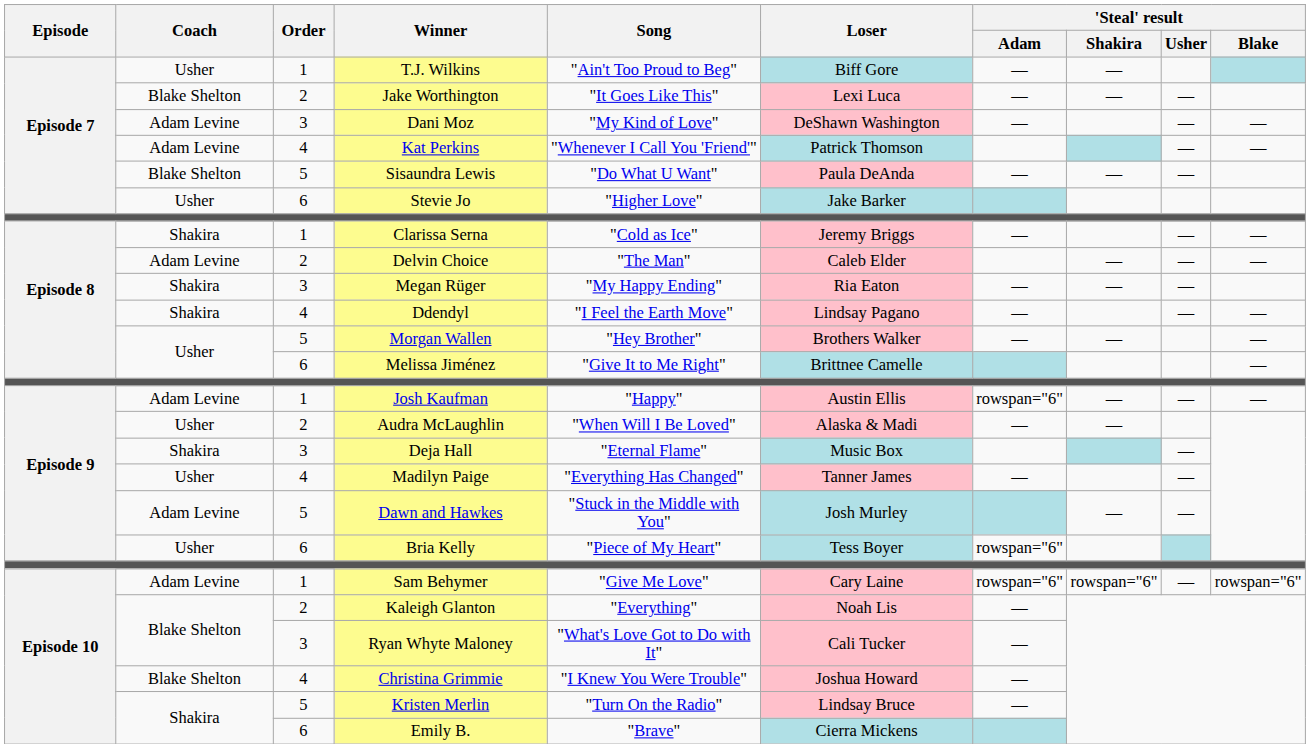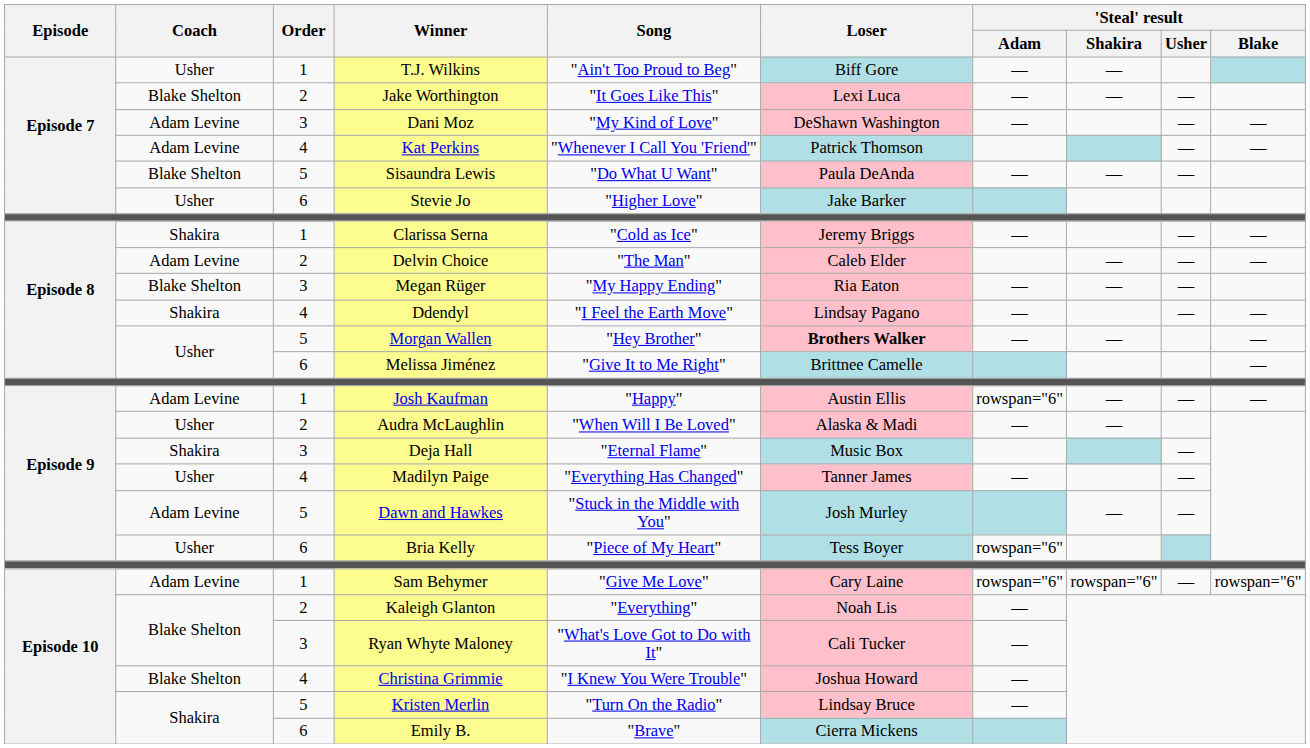 <table class="wikitable" style="text-align: center; width:100%;">
 <tr>
 <th rowspan="2" style="width:10%;">Episode</th>
 <th rowspan="2" style="width:15%;">Coach</th>
 <th rowspan="2" style="width:05%;">Order</th>
 <th rowspan="2" style="width:20%;">Winner</th>
 <th rowspan="2" style="width:20%;">Song</th>
 <th rowspan="2" style="width:20%;">Loser</th>
 <th colspan="4" style="width:20%;">'Steal' result</th>
 </tr>
 <tr>
 <th style="width:05%;">Adam</th>
 <th style="width:05%;">Shakira</th>
 <th style="width:05%;">Usher</th>
 <th style="width:05%;">Blake</th>
 </tr>
 <tr>
 <th rowspan="6">Episode 7<br><br><small></small></th>
 <td>Usher</td>
 <td>1</td>
 <td style="background:#fdfc8f;">T.J. Wilkins</td>
 <td>"<a href='#'>Ain't Too Proud to Beg</a>"</td>
 <td style="background:#B0E0E6;">Biff Gore</td>
 <td>—</td>
 <td>—</td>
 <td></td>
 <td style="background:#B0E0E6;"><strong></strong></td>
 </tr>
 <tr>
 <td>Blake Shelton</td>
 <td>2</td>
 <td style="background:#fdfc8f;">Jake Worthington</td>
 <td>"<a href='#'>It Goes Like This</a>"</td>
 <td style="background:pink;">Lexi Luca</td>
 <td>—</td>
 <td>—</td>
 <td>—</td>
 <td></td>
 </tr>
 <tr>
 <td>Adam Levine</td>
 <td>3</td>
 <td style="background:#fdfc8f;">Dani Moz</td>
 <td>"<a href='#'>My Kind of Love</a>"</td>
 <td style="background:pink;">DeShawn Washington</td>
 <td>—</td>
 <td></td>
 <td>—</td>
 <td>—</td>
 </tr>
 <tr>
 <td>Adam Levine</td>
 <td>4</td>
 <td style="background:#fdfc8f;"><a href='#'>Kat Perkins</a></td>
 <td>"<a href='#'>Whenever I Call You 'Friend'</a>"</td>
 <td style="background:#B0E0E6;">Patrick Thomson</td>
 <td></td>
 <td style="background:#B0E0E6;"><strong></strong></td>
 <td>—</td>
 <td>—</td>
 </tr>
 <tr>
 <td>Blake Shelton</td>
 <td>5</td>
 <td style="background:#fdfc8f;">Sisaundra Lewis</td>
 <td>"<a href='#'>Do What U Want</a>"</td>
 <td style="background:pink;">Paula DeAnda</td>
 <td>—</td>
 <td>—</td>
 <td>—</td>
 <td></td>
 </tr>
 <tr>
 <td>Usher</td>
 <td>6</td>
 <td style="background:#fdfc8f;">Stevie Jo</td>
 <td>"<a href='#'>Higher Love</a>"</td>
 <td style="background:#B0E0E6;">Jake Barker</td>
 <td style="background:#B0E0E6;"><strong></strong></td>
 <td><strong></strong></td>
 <td></td>
 <td><strong></strong></td>
 </tr>
 <tr>
 <td colspan="10" style="background:#555;"></td>
 </tr>
 <tr>
 <th rowspan="6">Episode 8<br><br><small></small></th>
 <td>Shakira</td>
 <td>1</td>
 <td style="background:#fdfc8f;">Clarissa Serna</td>
 <td>"<a href='#'>Cold as Ice</a>"</td>
 <td style="background:pink;">Jeremy Briggs</td>
 <td>—</td>
 <td></td>
 <td>—</td>
 <td>—</td>
 </tr>
 <tr>
 <td>Adam Levine</td>
 <td>2</td>
 <td style="background:#fdfc8f;">Delvin Choice</td>
 <td>"<a href='#'>The Man</a>"</td>
 <td style="background:pink;">Caleb Elder</td>
 <td></td>
 <td>—</td>
 <td>—</td>
 <td>—</td>
 </tr>
 <tr>
-<td>Shakira</td>
+<td>Blake Shelton</td>
 <td>3</td>
 <td style="background:#fdfc8f;">Megan Rüger</td>
 <td>"<a href='#'>My Happy Ending</a>"</td>
 <td style="background:pink;">Ria Eaton</td>
 <td>—</td>
 <td>—</td>
 <td>—</td>
 <td></td>
 </tr>
 <tr>
 <td>Shakira</td>
 <td>4</td>
 <td style="background:#fdfc8f;">Ddendyl</td>
 <td>"<a href='#'>I Feel the Earth Move</a>"</td>
 <td style="background:pink;">Lindsay Pagano</td>
 <td>—</td>
 <td></td>
 <td>—</td>
 <td>—</td>
 </tr>
 <tr>
 <td rowspan="2">Usher</td>
 <td>5</td>
 <td style="background:#fdfc8f;"><a href='#'>Morgan Wallen</a></td>
 <td>"<a href='#'>Hey Brother</a>"</td>
-<td style="background:pink;">Brothers Walker</td>
+<td style="background:pink;"><strong>Brothers Walker</strong></td>
 <td>—</td>
 <td>—</td>
 <td></td>
 <td>—</td>
 </tr>
 <tr>
 <td>6</td>
 <td style="background:#fdfc8f;">Melissa Jiménez</td>
 <td>"<a href='#'>Give It to Me Right</a>"</td>
 <td style="background:#B0E0E6;">Brittnee Camelle</td>
 <td style="background:#B0E0E6;"><strong></strong></td>
 <td><strong></strong></td>
 <td></td>
 <td>—</td>
 </tr>
 <tr>
 <td colspan="10" style="background:#555;"></td>
 </tr>
 <tr>
 <th rowspan="6">Episode 9<br><br><small></small></th>
 <td>Adam Levine</td>
 <td>1</td>
 <td style="background:#fdfc8f;"><a href='#'>Josh Kaufman</a></td>
 <td>"<a href='#'>Happy</a>"</td>
 <td style="background:pink;">Austin Ellis</td>
 <td>rowspan="6" </td>
 <td>—</td>
 <td>—</td>
 <td>—</td>
 </tr>
 <tr>
 <td>Usher</td>
 <td>2</td>
 <td style="background:#fdfc8f;">Audra McLaughlin</td>
 <td>"<a href='#'>When Will I Be Loved</a>"</td>
 <td style="background:pink;">Alaska & Madi</td>
 <td>—</td>
 <td>—</td>
 <td></td>
 </tr>
 <tr>
 <td>Shakira</td>
 <td>3</td>
 <td style="background:#fdfc8f;">Deja Hall</td>
 <td>"<a href='#'>Eternal Flame</a>"</td>
 <td style="background:#B0E0E6;">Music Box</td>
 <td></td>
 <td style="background:#B0E0E6;"><strong></strong></td>
 <td>—</td>
 </tr>
 <tr>
 <td>Usher</td>
 <td>4</td>
 <td style="background:#fdfc8f;">Madilyn Paige</td>
 <td>"<a href='#'>Everything Has Changed</a>"</td>
 <td style="background:pink;">Tanner James</td>
 <td>—</td>
 <td></td>
 <td>—</td>
 </tr>
 <tr>
 <td>Adam Levine</td>
 <td>5</td>
 <td style="background:#fdfc8f;"><a href='#'>Dawn and Hawkes</a></td>
 <td>"<a href='#'>Stuck in the Middle with You</a>"</td>
 <td style="background:#B0E0E6;">Josh Murley</td>
 <td style="background:#B0E0E6;"><strong></strong></td>
 <td>—</td>
 <td>—</td>
 </tr>
 <tr>
 <td>Usher</td>
 <td>6</td>
 <td style="background:#fdfc8f;">Bria Kelly</td>
 <td>"<a href='#'>Piece of My Heart</a>"</td>
 <td style="background:#B0E0E6;">Tess Boyer</td>
 <td>rowspan="6" </td>
 <td></td>
 <td style="background:#B0E0E6;"><strong></strong></td>
 </tr>
 <tr>
 <td colspan="10" style="background:#555;"></td>
 </tr>
 <tr>
 <th rowspan="6">Episode 10<br><br><small></small></th>
 <td>Adam Levine</td>
 <td>1</td>
 <td style="background:#fdfc8f;">Sam Behymer</td>
 <td>"<a href='#'>Give Me Love</a>"</td>
 <td style="background:pink;">Cary Laine</td>
 <td>rowspan="6" </td>
 <td>rowspan="6" </td>
 <td>—</td>
 <td>rowspan="6" </td>
 </tr>
 <tr>
 <td rowspan="2">Blake Shelton</td>
 <td>2</td>
 <td style="background:#fdfc8f;">Kaleigh Glanton</td>
 <td>"<a href='#'>Everything</a>"</td>
 <td style="background:pink;">Noah Lis</td>
 <td>—</td>
 </tr>
 <tr>
 <td>3</td>
 <td style="background:#fdfc8f;">Ryan Whyte Maloney</td>
 <td>"<a href='#'>What's Love Got to Do with It</a>"</td>
 <td style="background:pink;">Cali Tucker</td>
 <td>—</td>
 </tr>
 <tr>
 <td>Blake Shelton</td>
 <td>4</td>
 <td style="background:#fdfc8f;"><a href='#'>Christina Grimmie</a></td>
 <td>"<a href='#'>I Knew You Were Trouble</a>"</td>
 <td style="background:pink;">Joshua Howard</td>
 <td>—</td>
 </tr>
 <tr>
 <td rowspan="2">Shakira</td>
 <td>5</td>
 <td style="background:#fdfc8f;"><a href='#'>Kristen Merlin</a></td>
 <td>"<a href='#'>Turn On the Radio</a>"</td>
 <td style="background:pink;">Lindsay Bruce</td>
 <td>—</td>
 </tr>
 <tr>
 <td>6</td>
 <td style="background:#fdfc8f;">Emily B.</td>
 <td>"<a href='#'>Brave</a>"</td>
 <td style="background:#B0E0E6;">Cierra Mickens</td>
 <td style="background:#B0E0E6;"><strong></strong></td>
 </tr>
 </table>
